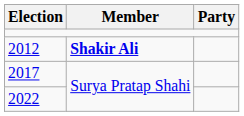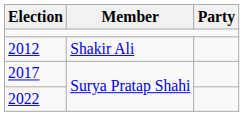 <table class="wikitable sortable">
 <tr>
 <th>Election</th>
 <th>Member</th>
 <th colspan="2">Party</th>
 </tr>
 <tr>
 <td colspan="4"></td>
 </tr>
 <tr>
 <td><a href='#'>2012</a></td>
-<td><strong><a href='#'>Shakir Ali</a></strong></td>
+<td><a href='#'>Shakir Ali</a></td>
 <td></td>
 </tr>
 <tr>
 <td><a href='#'>2017</a></td>
 <td rowspan="2"><a href='#'>Surya Pratap Shahi</a></td>
 <td></td>
 </tr>
 <tr>
 <td><a href='#'>2022</a></td>
 </tr>
 </table>
